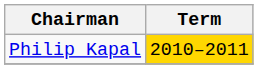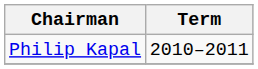 <table class="wikitable">
 <tr>
 <th><strong>Chairman</strong></th>
 <th><strong>Term</strong></th>
 </tr>
 <tr>
 <td><a href='#'>Philip Kapal</a></td>
-<td style="background: gold;">2010–2011</td>
+<td>2010–2011</td>
 </tr>
 <tr>
 </tr>
 </table>
